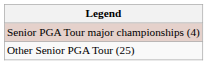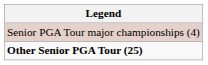 <table class="wikitable" style="font-size:95%;">
 <tr>
 <th>Legend</th>
 </tr>
 <tr style="background:#e5d1cb;">
 <td>Senior PGA Tour major championships (4)</td>
 </tr>
 <tr>
-<td>Other Senior PGA Tour (25)</td>
+<td><strong>Other Senior PGA Tour (25)</strong></td>
 </tr>
 </table>
